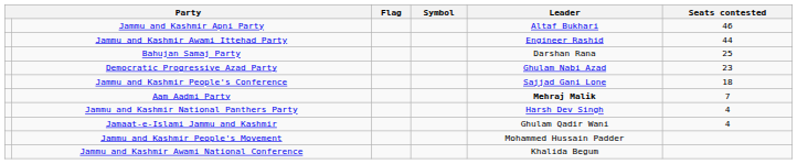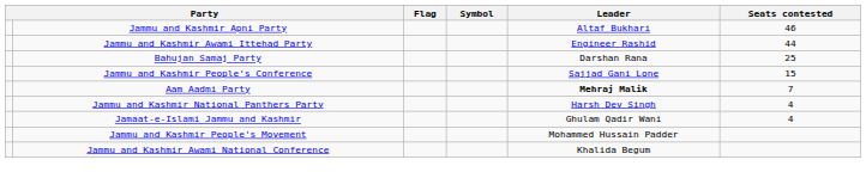 <table class="wikitable" width="60%" style="text-align:center;">
 <tr>
 <th colspan="2">Party</th>
 <th>Flag</th>
 <th>Symbol</th>
 <th>Leader</th>
 <th>Seats contested</th>
 </tr>
 <tr>
 <td></td>
 <td><a href='#'>Jammu and Kashmir Apni Party</a></td>
 <td></td>
 <td></td>
 <td><a href='#'>Altaf Bukhari</a></td>
 <td>46</td>
 </tr>
 <tr>
 <td></td>
 <td><a href='#'>Jammu and Kashmir Awami Ittehad Party</a></td>
 <td></td>
 <td></td>
 <td><a href='#'>Engineer Rashid</a></td>
 <td>44</td>
 </tr>
 <tr>
 <td></td>
 <td><a href='#'>Bahujan Samaj Party</a></td>
 <td></td>
 <td></td>
 <td>Darshan Rana</td>
 <td>25</td>
 </tr>
 <tr>
 <td></td>
-<td><a href='#'>Democratic Progressive Azad Party</a></td>
-<td></td>
-<td></td>
-<td><a href='#'>Ghulam Nabi Azad</a></td>
-<td>23</td>
-</tr>
-<tr>
-<td></td>
 <td><a href='#'>Jammu and Kashmir People's Conference</a></td>
 <td></td>
 <td></td>
 <td><a href='#'>Sajjad Gani Lone</a></td>
-<td>18</td>
+<td>15</td>
 </tr>
 <tr>
 <td></td>
 <td><a href='#'>Aam Aadmi Party</a></td>
 <td></td>
 <td></td>
 <td><strong>Mehraj Malik</strong></td>
 <td>7</td>
 </tr>
 <tr>
 <td></td>
 <td><a href='#'>Jammu and Kashmir National Panthers Party</a></td>
 <td></td>
 <td></td>
 <td><a href='#'>Harsh Dev Singh</a></td>
 <td>4</td>
 </tr>
 <tr>
 <td></td>
 <td><a href='#'>Jamaat-e-Islami Jammu and Kashmir</a></td>
 <td></td>
 <td></td>
 <td>Ghulam Qadir Wani</td>
 <td>4</td>
 </tr>
 <tr>
 <td></td>
 <td><a href='#'>Jammu and Kashmir People's Movement</a></td>
 <td></td>
 <td></td>
 <td>Mohammed Hussain Padder</td>
 <td></td>
 </tr>
 <tr>
 <td></td>
 <td><a href='#'>Jammu and Kashmir Awami National Conference</a></td>
 <td></td>
 <td></td>
 <td>Khalida Begum</td>
 <td></td>
 </tr>
 </table>
